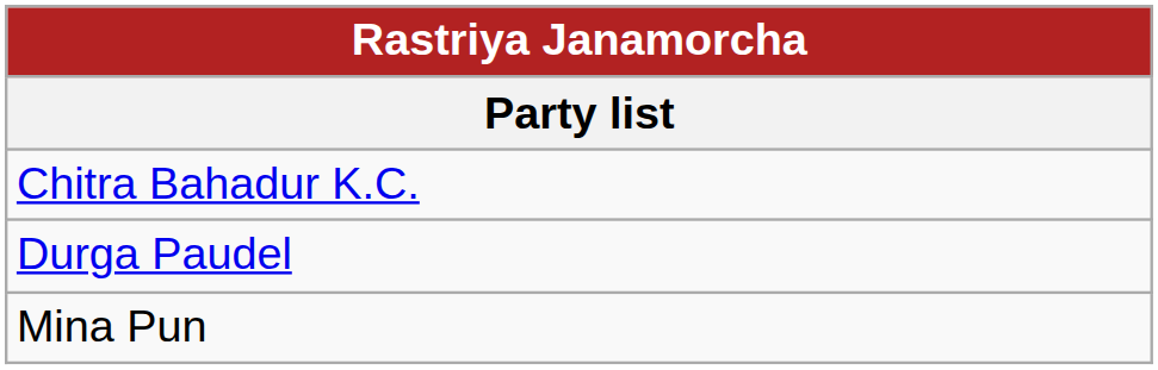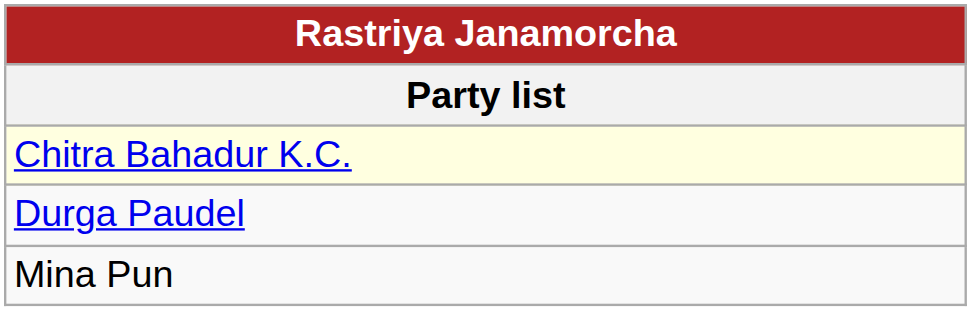 <table class="wikitable mw-collapsible mw-collapsed" role="presentation">
 <tr>
 <th style="width: 300pt; background:firebrick; color: white;">Rastriya Janamorcha</th>
 </tr>
 <tr>
 <th>Party list</th>
 </tr>
 <tr>
-<td><a href='#'>Chitra Bahadur K.C.</a></td>
+<td style="background: lightyellow;"><a href='#'>Chitra Bahadur K.C.</a></td>
 </tr>
 <tr>
 <td><a href='#'>Durga Paudel</a></td>
 </tr>
 <tr>
 <td>Mina Pun</td>
 </tr>
 </table>
